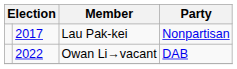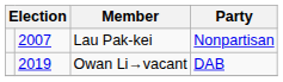 <table class="wikitable">
 <tr>
 <th colspan="2">Election</th>
 <th>Member</th>
 <th>Party</th>
 </tr>
 <tr>
 <td style="background-color: "></td>
-<td><a href='#'>2017</a></td>
+<td><a href='#'>2007</a></td>
 <td>Lau Pak-kei</td>
 <td><a href='#'>Nonpartisan</a></td>
 </tr>
 <tr>
 <td style="background-color: "></td>
-<td><a href='#'>2022</a></td>
+<td><a href='#'>2019</a></td>
 <td>Owan Li→vacant</td>
 <td><a href='#'>DAB</a></td>
 </tr>
 <tr>
 </tr>
 </table>
